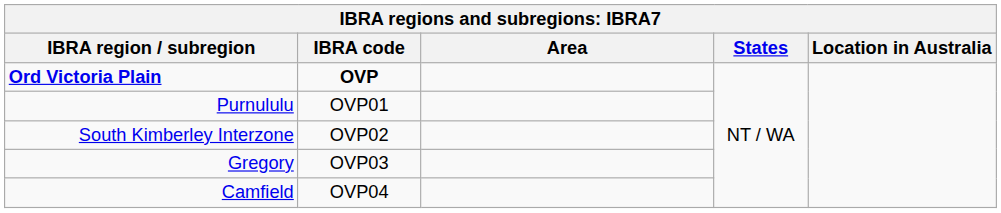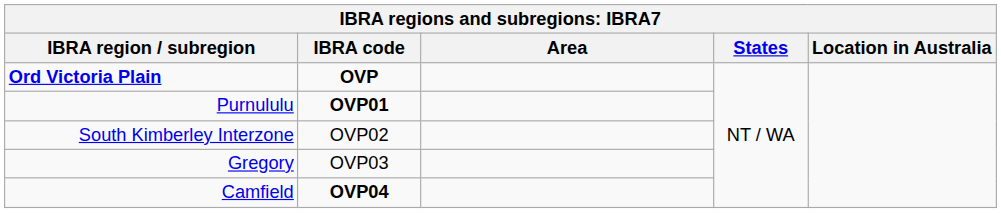 <table class="wikitable sortable">
 <tr>
 <th rowwidth=100px colspan=5>IBRA regions and subregions: IBRA7</th>
 </tr>
 <tr>
 <th scope="col" style="width:250px;">IBRA region / subregion</th>
 <th scope="col" style="width:100px;">IBRA code</th>
 <th scope="col" style="width:250px;">Area</th>
 <th scope="col" style="width:75px;"><a href='#'>States</a></th>
 <th>Location in Australia</th>
 </tr>
 <tr>
 <td><strong><a href='#'>Ord Victoria Plain</a></strong></td>
 <td style="text-align:center;"><strong>OVP</strong></td>
 <td align="right"><strong></strong></td>
 <td style="text-align:center;" rowspan="5">NT / WA</td>
 <td style="text-align:center;" rowspan="5"></td>
 </tr>
 <tr>
 <td align="right"><a href='#'>Purnululu</a></td>
-<td style="text-align:center;">OVP01</td>
+<td style="text-align:center;"><strong>OVP01</strong></td>
 <td align="right"></td>
 </tr>
 <tr>
 <td align="right"><a href='#'>South Kimberley Interzone</a></td>
 <td style="text-align:center;">OVP02</td>
 <td align="right"></td>
 </tr>
 <tr>
 <td align="right"><a href='#'>Gregory</a></td>
 <td style="text-align:center;">OVP03</td>
 <td align="right"></td>
 </tr>
 <tr>
 <td align="right"><a href='#'>Camfield</a></td>
-<td style="text-align:center;">OVP04</td>
+<td style="text-align:center;"><strong>OVP04</strong></td>
 <td align="right"></td>
 </tr>
 </table>
